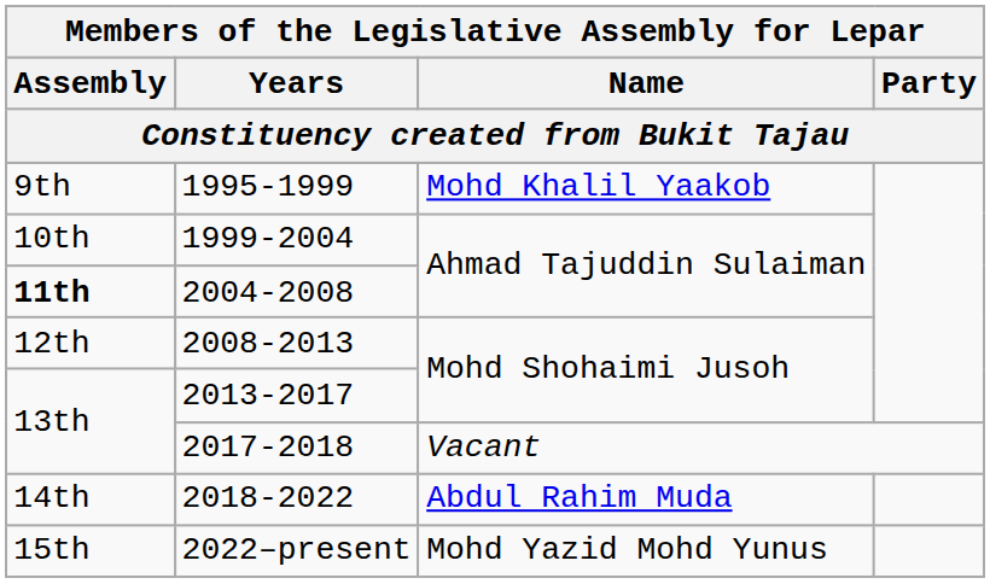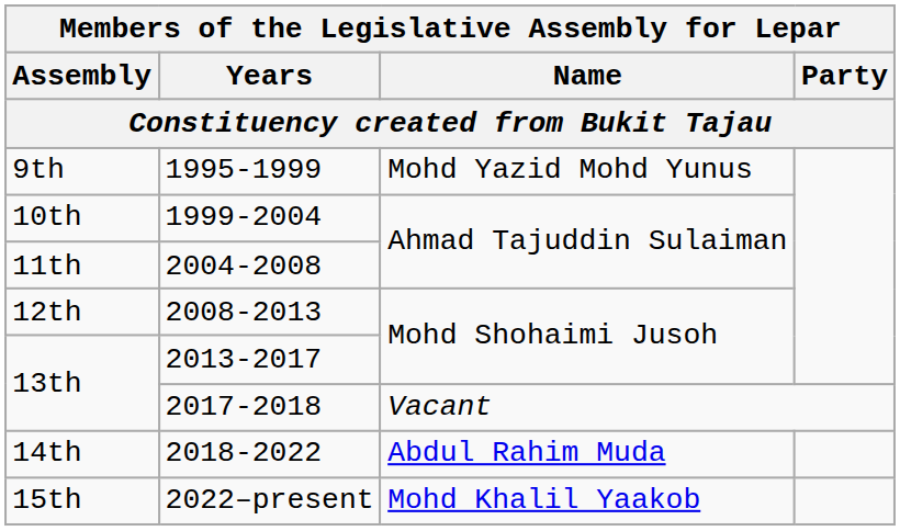 <table class="wikitable">
 <tr>
 <th colspan="4">Members of the Legislative Assembly for Lepar</th>
 </tr>
 <tr>
 <th>Assembly</th>
 <th>Years</th>
 <th>Name</th>
 <th>Party</th>
 </tr>
 <tr>
 <th colspan="4"><em>Constituency created from Bukit Tajau</em></th>
 </tr>
 <tr>
 <td>9th</td>
 <td>1995-1999</td>
-<td><a href='#'>Mohd Khalil Yaakob</a></td>
+<td>Mohd Yazid Mohd Yunus</td>
 <td rowspan="5"></td>
 </tr>
 <tr>
 <td>10th</td>
 <td>1999-2004</td>
 <td rowspan="2">Ahmad Tajuddin Sulaiman</td>
 </tr>
 <tr>
-<td><strong>11th</strong></td>
+<td>11th</td>
 <td>2004-2008</td>
 </tr>
 <tr>
 <td>12th</td>
 <td>2008-2013</td>
 <td rowspan="2">Mohd Shohaimi Jusoh</td>
 </tr>
 <tr>
 <td rowspan="2">13th</td>
 <td>2013-2017</td>
 </tr>
 <tr>
 <td>2017-2018</td>
 <td colspan="2"><em>Vacant</em></td>
 </tr>
 <tr>
 <td>14th</td>
 <td>2018-2022</td>
 <td><a href='#'>Abdul Rahim Muda</a></td>
 <td></td>
 </tr>
 <tr>
 <td>15th</td>
 <td>2022–present</td>
-<td>Mohd Yazid Mohd Yunus</td>
+<td><a href='#'>Mohd Khalil Yaakob</a></td>
 <td></td>
 </tr>
 </table>
